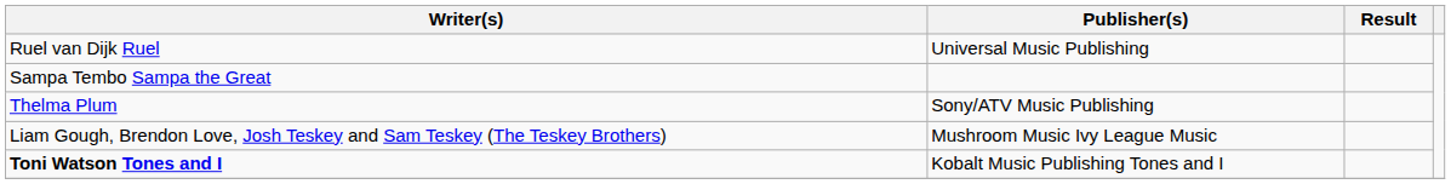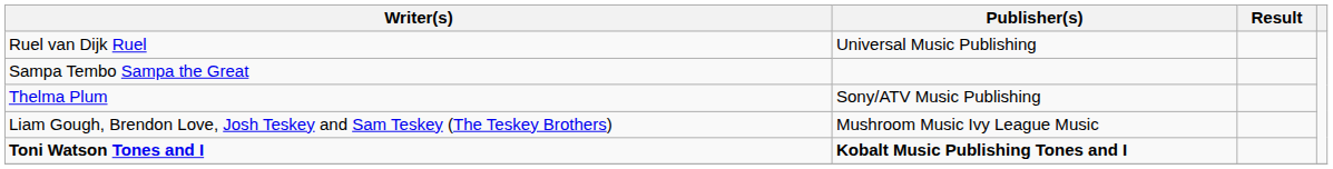 <table class="wikitable" width=100%>
 <tr>
 <th scope="col">Writer(s)</th>
 <th scope="col">Publisher(s)</th>
 <th scope="col">Result</th>
 <th scope="col"></th>
 </tr>
 <tr>
 <td>Ruel van Dijk  <a href='#'>Ruel</a></td>
 <td>Universal Music Publishing</td>
 <td></td>
 <td rowspan="5"></td>
 </tr>
 <tr>
 <td>Sampa Tembo  <a href='#'>Sampa the Great</a></td>
 <td></td>
 <td></td>
 </tr>
 <tr>
 <td><a href='#'>Thelma Plum</a></td>
 <td>Sony/ATV Music Publishing</td>
 <td></td>
 </tr>
 <tr>
 <td>Liam Gough, Brendon Love, <a href='#'>Josh Teskey</a> and <a href='#'>Sam Teskey</a> (<a href='#'>The Teskey Brothers</a>)</td>
 <td>Mushroom Music  Ivy League Music</td>
 <td></td>
 </tr>
 <tr>
 <td><strong>Toni Watson</strong>  <strong><a href='#'>Tones and I</a></strong></td>
-<td>Kobalt Music Publishing  Tones and I</td>
+<td><strong>Kobalt Music Publishing  Tones and I</strong></td>
 <td></td>
 </tr>
 <tr>
 </tr>
 </table>
